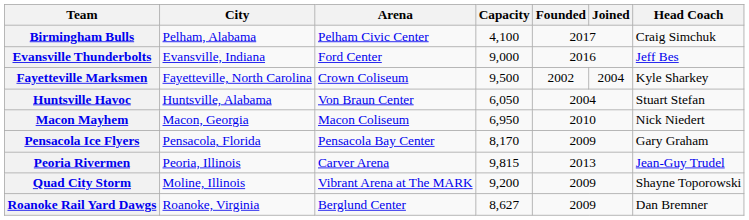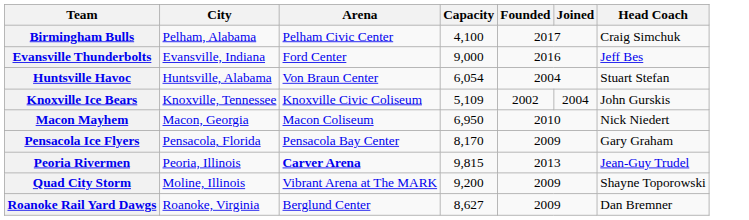 <table class="wikitable sortable" style="text-align:left">
 <tr>
 <th scope="col" align="center">Team</th>
 <th scope="col" align="center">City</th>
 <th scope="col" align="center">Arena</th>
 <th scope="col" align="center">Capacity</th>
 <th scope="col" align="center">Founded</th>
 <th scope="col" align="center">Joined</th>
 <th scope="col" align="center">Head Coach</th>
 </tr>
 <tr>
 <th scope="row"><a href='#'>Birmingham Bulls</a></th>
 <td><a href='#'>Pelham, Alabama</a></td>
 <td><a href='#'>Pelham Civic Center</a></td>
 <td align=center>4,100</td>
 <td colspan=2 align=center>2017</td>
 <td>Craig Simchuk</td>
 </tr>
 <tr>
 <th scope="row"><a href='#'>Evansville Thunderbolts</a></th>
 <td><a href='#'>Evansville, Indiana</a></td>
 <td><a href='#'>Ford Center</a></td>
 <td align=center>9,000</td>
 <td colspan=2 align=center>2016</td>
 <td><a href='#'>Jeff Bes</a></td>
 </tr>
 <tr>
-<th scope="row"><a href='#'>Fayetteville Marksmen</a></th>
-<td><a href='#'>Fayetteville, North Carolina</a></td>
-<td><a href='#'>Crown Coliseum</a></td>
-<td align=center>9,500</td>
-<td align=center>2002</td>
-<td align=center>2004</td>
-<td>Kyle Sharkey</td>
-</tr>
-<tr>
 <th scope="row"><a href='#'>Huntsville Havoc</a></th>
 <td><a href='#'>Huntsville, Alabama</a></td>
 <td><a href='#'>Von Braun Center</a></td>
-<td align=center>6,050</td>
+<td align=center>6,054</td>
 <td colspan="2" align="center">2004</td>
 <td>Stuart Stefan</td>
+</tr>
+<tr>
+<th scope="row"><a href='#'>Knoxville Ice Bears</a></th>
+<td><a href='#'>Knoxville, Tennessee</a></td>
+<td><a href='#'>Knoxville Civic Coliseum</a></td>
+<td align=center>5,109</td>
+<td align=center>2002</td>
+<td align=center>2004</td>
+<td>John Gurskis</td>
 </tr>
 <tr>
 <th scope="row"><a href='#'>Macon Mayhem</a></th>
 <td><a href='#'>Macon, Georgia</a></td>
 <td><a href='#'>Macon Coliseum</a></td>
 <td align=center>6,950</td>
 <td colspan=2 align=center>2010</td>
 <td>Nick Niedert</td>
 </tr>
 <tr>
 <th scope="row"><a href='#'>Pensacola Ice Flyers</a></th>
 <td><a href='#'>Pensacola, Florida</a></td>
 <td><a href='#'>Pensacola Bay Center</a></td>
 <td align=center>8,170</td>
 <td colspan=2 align=center>2009</td>
 <td>Gary Graham</td>
 </tr>
 <tr>
 <th scope="row"><a href='#'>Peoria Rivermen</a></th>
 <td><a href='#'>Peoria, Illinois</a></td>
-<td><a href='#'>Carver Arena</a></td>
+<td><strong><a href='#'>Carver Arena</a></strong></td>
 <td align=center>9,815</td>
 <td colspan=2 align=center>2013</td>
 <td><a href='#'>Jean-Guy Trudel</a></td>
 </tr>
 <tr>
 <th scope="row"><a href='#'>Quad City Storm</a></th>
 <td><a href='#'>Moline, Illinois</a></td>
 <td><a href='#'>Vibrant Arena at The MARK</a></td>
 <td align=center>9,200</td>
 <td colspan=2 align=center>2009</td>
 <td>Shayne Toporowski</td>
 </tr>
 <tr>
 <th scope="row"><a href='#'>Roanoke Rail Yard Dawgs</a></th>
 <td><a href='#'>Roanoke, Virginia</a></td>
 <td><a href='#'>Berglund Center</a></td>
 <td align=center>8,627</td>
 <td colspan=2 align=center>2009</td>
 <td>Dan Bremner</td>
 </tr>
 </table>
